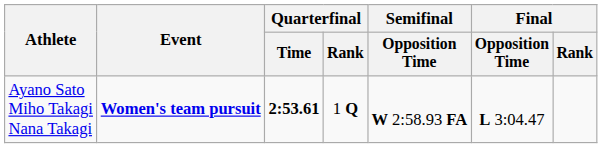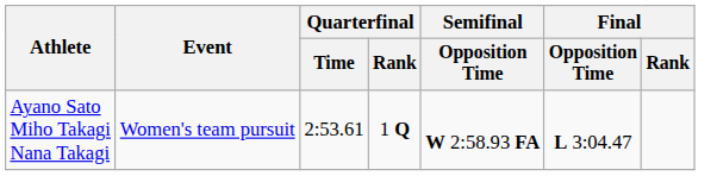 <table class="wikitable" style="font-size:90%; text-align:center">
 <tr>
 <th rowspan="2">Athlete</th>
 <th rowspan="2">Event</th>
 <th colspan=2>Quarterfinal</th>
 <th>Semifinal</th>
 <th colspan="2">Final</th>
 </tr>
 <tr style="font-size:95%">
 <th>Time</th>
 <th>Rank</th>
 <th>Opposition<br>Time</th>
 <th>Opposition<br>Time</th>
 <th>Rank</th>
 </tr>
 <tr>
 <td align=left><a href='#'>Ayano Sato</a><br><a href='#'>Miho Takagi</a><br><a href='#'>Nana Takagi</a></td>
-<td align=left><strong><a href='#'>Women's team pursuit</a></strong></td>
-<td><strong>2:53.61</strong></td>
+<td align=left><a href='#'>Women's team pursuit</a></td>
+<td>2:53.61</td>
 <td>1 <strong>Q</strong></td>
 <td><br><strong>W</strong> 2:58.93 <strong>FA</strong></td>
 <td><br><strong>L</strong> 3:04.47</td>
 <td></td>
 </tr>
 </table>
